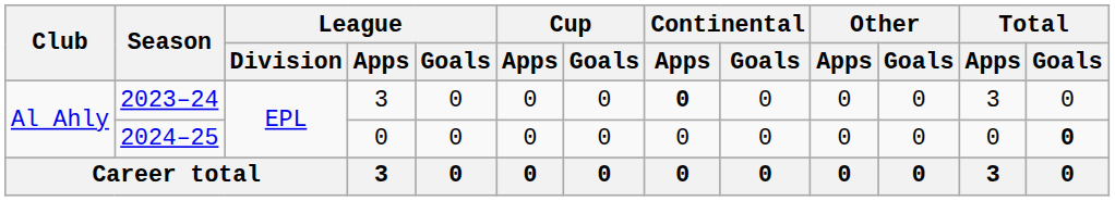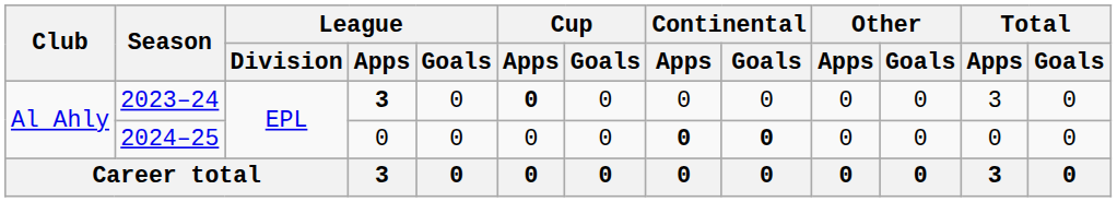 <table class=wikitable style=text-align:center>
 <tr>
 <th rowspan=2>Club</th>
 <th rowspan=2>Season</th>
 <th colspan=3>League</th>
 <th colspan=2>Cup</th>
 <th colspan=2>Continental</th>
 <th colspan=2>Other</th>
 <th colspan=2>Total</th>
 </tr>
 <tr>
 <th>Division</th>
 <th>Apps</th>
 <th>Goals</th>
 <th>Apps</th>
 <th>Goals</th>
 <th>Apps</th>
 <th>Goals</th>
 <th>Apps</th>
 <th>Goals</th>
 <th>Apps</th>
 <th>Goals</th>
 </tr>
 <tr>
 <td rowspan="2"><a href='#'>Al Ahly</a></td>
 <td><a href='#'>2023–24</a></td>
 <td rowspan="2"><a href='#'>EPL</a></td>
-<td>3</td>
+<td><strong>3</strong></td>
+<td>0</td>
+<td><strong>0</strong></td>
 <td>0</td>
 <td>0</td>
-<td>0</td>
-<td><strong>0</strong></td>
 <td>0</td>
 <td>0</td>
 <td>0</td>
 <td>3</td>
 <td>0</td>
 </tr>
 <tr>
 <td><a href='#'>2024–25</a></td>
 <td>0</td>
 <td>0</td>
 <td>0</td>
 <td>0</td>
+<td><strong>0</strong></td>
+<td><strong>0</strong></td>
 <td>0</td>
 <td>0</td>
 <td>0</td>
 <td>0</td>
-<td>0</td>
-<td><strong>0</strong></td>
 </tr>
 <tr>
 <th colspan=3>Career total</th>
 <th>3</th>
 <th>0</th>
 <th>0</th>
 <th>0</th>
 <th>0</th>
 <th>0</th>
 <th>0</th>
 <th>0</th>
 <th>3</th>
 <th>0</th>
 </tr>
 </table>
